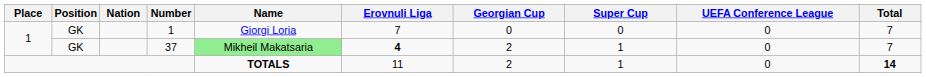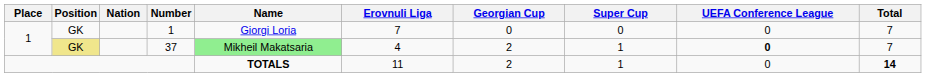 <table class="wikitable" style="font-size: 95%; text-align: center;">
 <tr>
 <th width=60>Place</th>
 <th width=60>Position</th>
 <th width=60>Nation</th>
 <th width=60>Number</th>
 <th width=200>Name</th>
 <th width=150><a href='#'>Erovnuli Liga</a></th>
 <th width=150><a href='#'>Georgian Cup</a></th>
 <th width=150><a href='#'>Super Cup</a></th>
 <th width=250><a href='#'>UEFA Conference League</a></th>
 <th width=80>Total</th>
 </tr>
 <tr>
 <td rowspan="2">1</td>
 <td>GK</td>
 <td></td>
 <td>1</td>
 <td><a href='#'>Giorgi Loria</a></td>
 <td>7</td>
 <td>0</td>
 <td>0</td>
 <td>0</td>
 <td>7</td>
 </tr>
 <tr>
-<td>GK</td>
+<td style="background: khaki;">GK</td>
 <td></td>
 <td>37</td>
 <td style="background: lightgreen;">Mikheil Makatsaria</td>
-<td><strong>4</strong></td>
+<td>4</td>
 <td>2</td>
 <td>1</td>
-<td>0</td>
+<td><strong>0</strong></td>
 <td>7</td>
 </tr>
 <tr>
 <td colspan="4"></td>
 <td><strong>TOTALS</strong></td>
 <td>11</td>
 <td>2</td>
 <td>1</td>
 <td>0</td>
 <td><strong>14</strong></td>
 </tr>
 </table>
